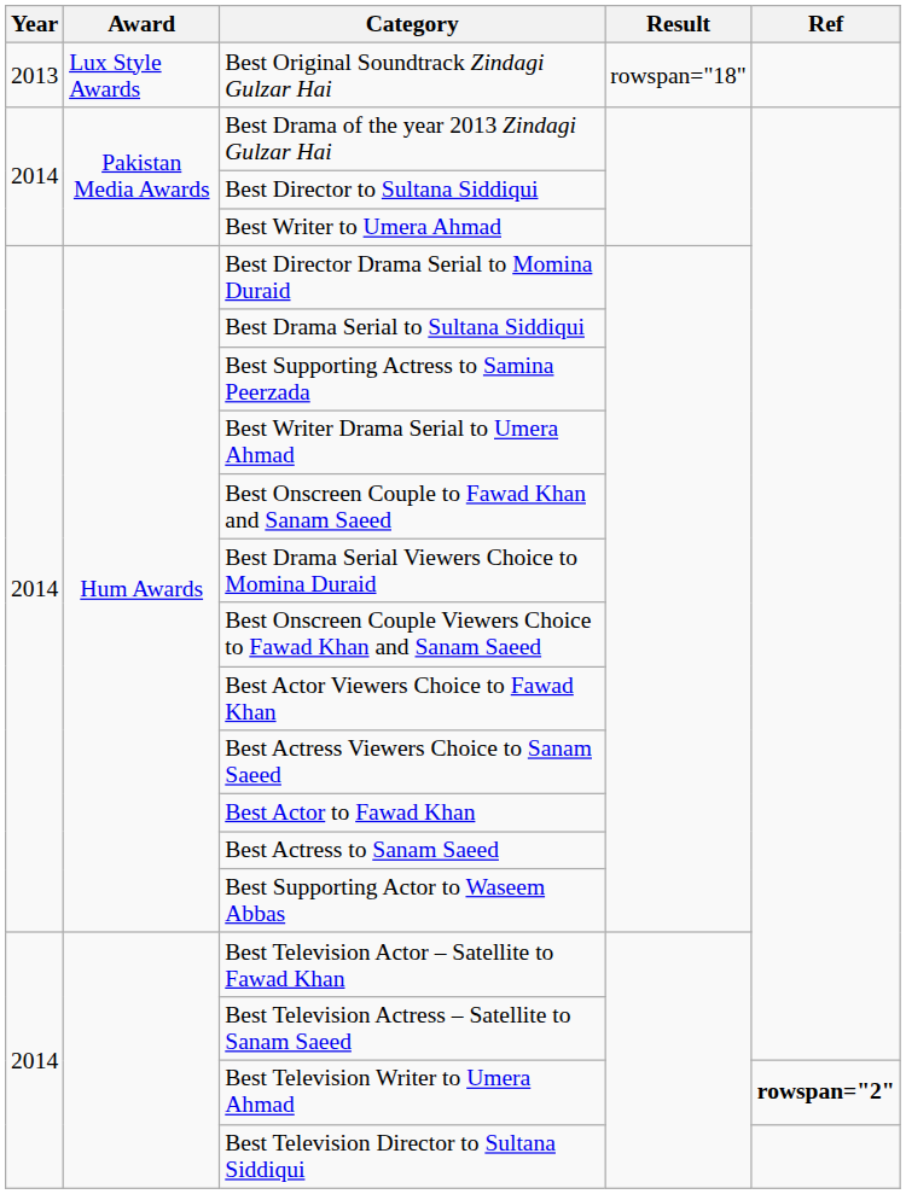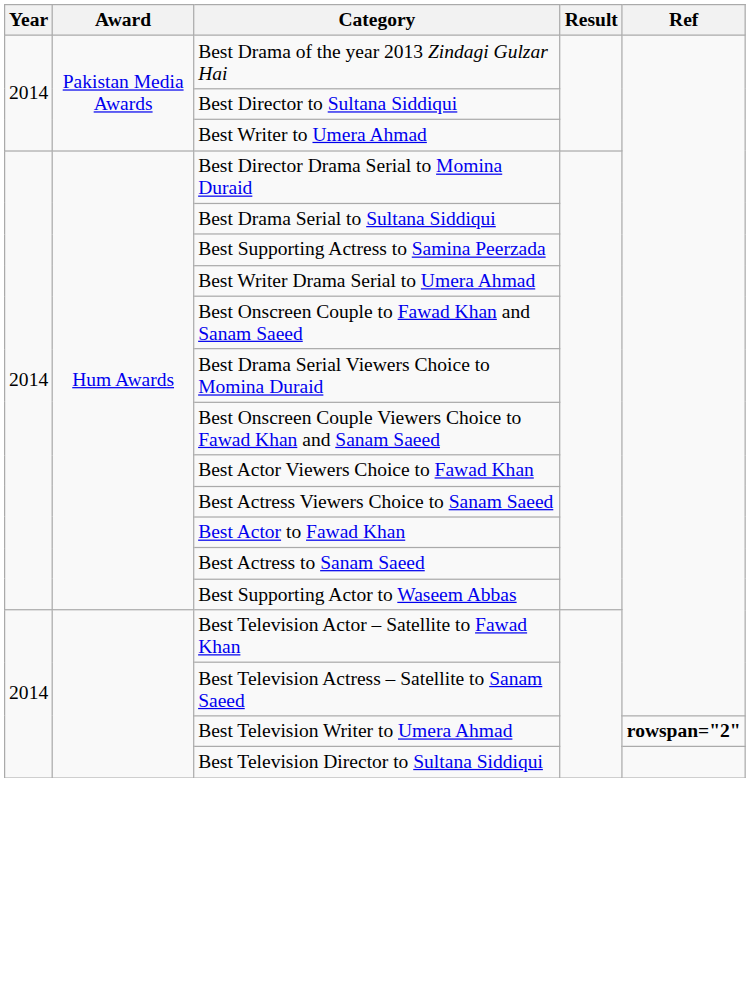 <table class="wikitable sortable">
 <tr>
 <th>Year</th>
 <th>Award</th>
 <th>Category</th>
 <th>Result</th>
 <th>Ref</th>
-</tr>
-<tr>
-<td>2013</td>
-<td><a href='#'>Lux Style Awards</a></td>
-<td>Best Original Soundtrack <em>Zindagi Gulzar Hai</em></td>
-<td>rowspan="18" </td>
-<td></td>
 </tr>
 <tr>
 <td rowspan="3">2014</td>
 <td rowspan="3" style="text-align:center;"><a href='#'>Pakistan Media Awards</a></td>
 <td>Best Drama of the year 2013 <em>Zindagi Gulzar Hai</em></td>
 <td rowspan="3"></td>
 </tr>
 <tr>
 <td>Best Director to <a href='#'>Sultana Siddiqui</a></td>
 </tr>
 <tr>
 <td>Best Writer to <a href='#'>Umera Ahmad</a></td>
 </tr>
 <tr>
 <td rowspan="12">2014</td>
 <td rowspan="12" style="text-align:center;"><a href='#'>Hum Awards</a></td>
 <td>Best Director Drama Serial to <a href='#'>Momina Duraid</a></td>
 <td rowspan="12"></td>
 </tr>
 <tr>
 <td>Best Drama Serial to <a href='#'>Sultana Siddiqui</a></td>
 </tr>
 <tr>
 <td>Best Supporting Actress to <a href='#'>Samina Peerzada</a></td>
 </tr>
 <tr>
 <td>Best Writer Drama Serial to <a href='#'>Umera Ahmad</a></td>
 </tr>
 <tr>
 <td>Best Onscreen Couple to <a href='#'>Fawad Khan</a> and <a href='#'>Sanam Saeed</a></td>
 </tr>
 <tr>
 <td>Best Drama Serial Viewers Choice to <a href='#'>Momina Duraid</a></td>
 </tr>
 <tr>
 <td>Best Onscreen Couple Viewers Choice to <a href='#'>Fawad Khan</a> and <a href='#'>Sanam Saeed</a></td>
 </tr>
 <tr>
 <td>Best Actor Viewers Choice to <a href='#'>Fawad Khan</a></td>
 </tr>
 <tr>
 <td>Best Actress Viewers Choice to <a href='#'>Sanam Saeed</a></td>
 </tr>
 <tr>
 <td><a href='#'>Best Actor</a> to <a href='#'>Fawad Khan</a></td>
 </tr>
 <tr>
 <td>Best Actress to <a href='#'>Sanam Saeed</a></td>
 </tr>
 <tr>
 <td>Best Supporting Actor to <a href='#'>Waseem Abbas</a></td>
 </tr>
 <tr>
 <td rowspan="4">2014</td>
 <td rowspan="4"></td>
 <td>Best Television Actor – Satellite to <a href='#'>Fawad Khan</a></td>
 <td rowspan="4"></td>
 </tr>
 <tr>
 <td>Best Television Actress – Satellite to <a href='#'>Sanam Saeed</a></td>
 </tr>
 <tr>
 <td>Best Television Writer to <a href='#'>Umera Ahmad</a></td>
 <td><strong>rowspan="2" </strong></td>
 </tr>
 <tr>
 <td>Best Television Director to <a href='#'>Sultana Siddiqui</a></td>
 </tr>
 </table>
